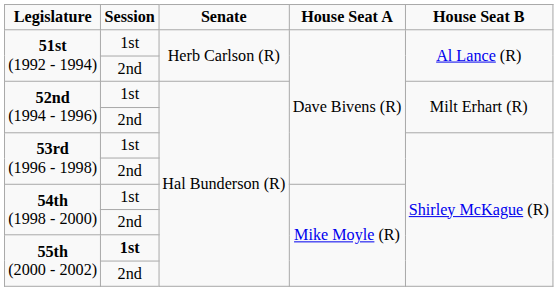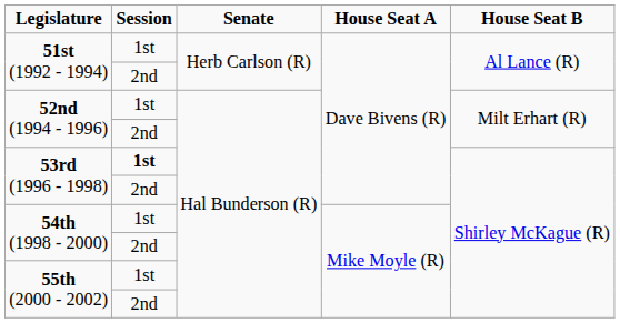 <table class=wikitable style="text-align:center">
 <tr>
 <td><strong>Legislature</strong></td>
 <td><strong>Session</strong></td>
 <td><strong>Senate</strong></td>
 <td><strong>House Seat A</strong></td>
 <td><strong>House Seat B</strong></td>
 </tr>
 <tr>
 <td rowspan="2" colspan="1" style="text-align: center;"><strong>51st</strong> <br> (1992 - 1994)</td>
 <td>1st</td>
 <td rowspan="2" colspan="1" style="text-align: center;" >Herb Carlson (R)</td>
 <td rowspan="6" colspan="1" style="text-align: center;" >Dave Bivens (R)</td>
 <td rowspan="2" colspan="1" style="text-align: center;" ><a href='#'>Al Lance</a> (R)</td>
 </tr>
 <tr>
 <td>2nd</td>
 </tr>
 <tr>
 <td rowspan="2" colspan="1" style="text-align: center;"><strong>52nd</strong> <br> (1994 - 1996)</td>
 <td>1st</td>
 <td rowspan="8" colspan="1" style="text-align: center;" >Hal Bunderson (R)</td>
 <td rowspan="2" colspan="1" style="text-align: center;" >Milt Erhart (R)</td>
 </tr>
 <tr>
 <td>2nd</td>
 </tr>
 <tr>
 <td rowspan="2" colspan="1" style="text-align: center;"><strong>53rd</strong> <br> (1996 - 1998)</td>
-<td>1st</td>
+<td><strong>1st</strong></td>
 <td rowspan="6" colspan="1" style="text-align: center;" ><a href='#'>Shirley McKague</a> (R)</td>
 </tr>
 <tr>
 <td>2nd</td>
 </tr>
 <tr>
 <td rowspan="2" colspan="1" style="text-align: center;"><strong>54th</strong> <br> (1998 - 2000)</td>
 <td>1st</td>
 <td rowspan="4" colspan="1" style="text-align: center;" ><a href='#'>Mike Moyle</a> (R)</td>
 </tr>
 <tr>
 <td>2nd</td>
 </tr>
 <tr>
 <td rowspan="2" colspan="1" style="text-align: center;"><strong>55th</strong> <br> (2000 - 2002)</td>
-<td><strong>1st</strong></td>
+<td>1st</td>
 </tr>
 <tr>
 <td>2nd</td>
 </tr>
 </table>
